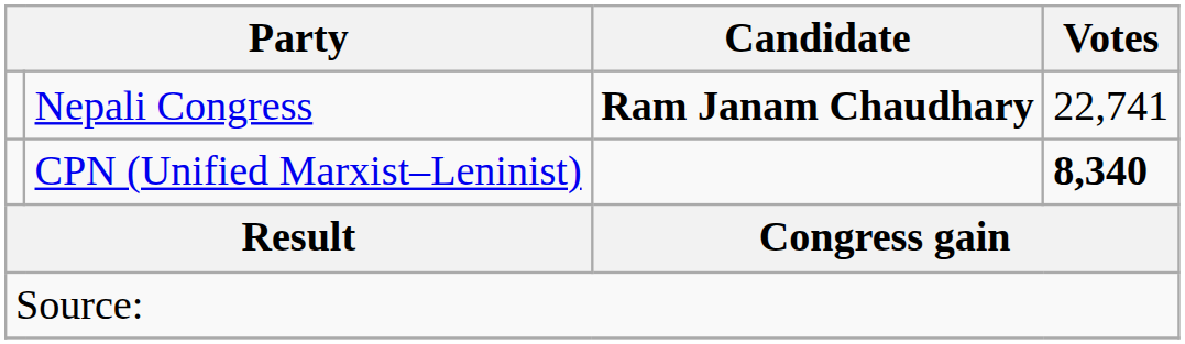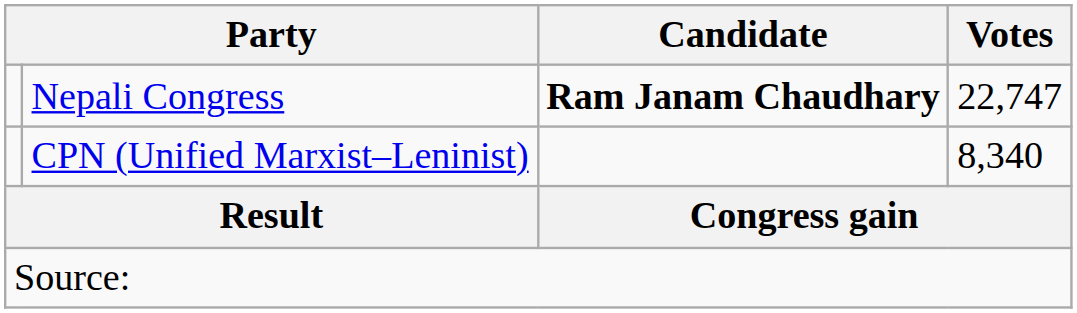 <table class="wikitable">
 <tr>
 <th colspan="2">Party</th>
 <th>Candidate</th>
 <th>Votes</th>
 </tr>
 <tr>
 <td style="background-color:"></td>
 <td><a href='#'>Nepali Congress</a></td>
 <td><strong>Ram Janam Chaudhary</strong></td>
-<td>22,741</td>
+<td>22,747</td>
 </tr>
 <tr>
 <td style="background-color:"></td>
 <td><a href='#'>CPN (Unified Marxist–Leninist)</a></td>
 <td></td>
-<td><strong>8,340</strong></td>
+<td>8,340</td>
 </tr>
 <tr>
 <th colspan="2">Result</th>
 <th colspan="2">Congress gain</th>
 </tr>
 <tr>
 <td colspan="4">Source: </td>
 </tr>
 </table>
